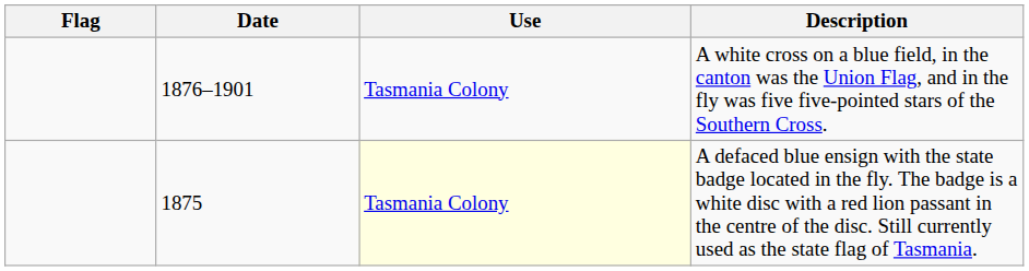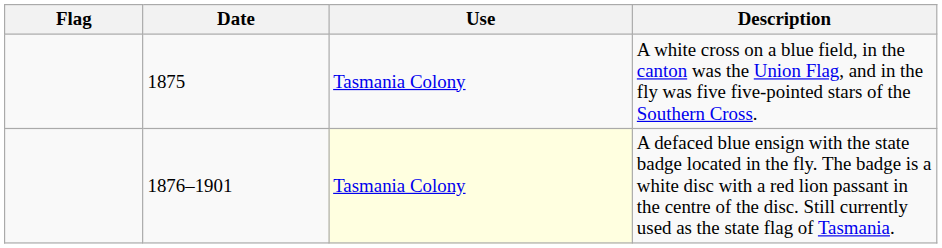 <table class="wikitable">
 <tr style="background:#efefef;">
 <th style="width:110px;">Flag</th>
 <th style="width:150px;">Date</th>
 <th style="width:250px;">Use</th>
 <th style="width:250px;">Description</th>
 </tr>
 <tr>
 <td></td>
-<td>1876–1901</td>
+<td>1875</td>
 <td><a href='#'>Tasmania Colony</a></td>
 <td>A white cross on a blue field, in the <a href='#'>canton</a> was the <a href='#'>Union Flag</a>, and in the fly was five five-pointed stars of the <a href='#'>Southern Cross</a>.</td>
 </tr>
 <tr>
 <td></td>
-<td>1875</td>
+<td>1876–1901</td>
 <td style="background: lightyellow;"><a href='#'>Tasmania Colony</a></td>
 <td>A defaced blue ensign with the state badge located in the fly. The badge is a white disc with a red lion passant in the centre of the disc. Still currently used as the state flag of <a href='#'>Tasmania</a>.</td>
 </tr>
 </table>
